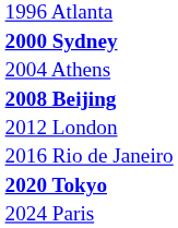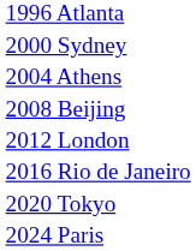 <table>
 <tr>
 <td><a href='#'>1996 Atlanta</a><br></td>
 <td></td>
 <td></td>
 <td></td>
 </tr>
 <tr>
-<td><strong><a href='#'>2000 Sydney</a><br></strong></td>
+<td><a href='#'>2000 Sydney</a><br></td>
 <td></td>
 <td></td>
 <td></td>
 </tr>
 <tr>
 <td><a href='#'>2004 Athens</a><br></td>
 <td></td>
 <td></td>
 <td></td>
 </tr>
 <tr>
-<td><strong><a href='#'>2008 Beijing</a><br></strong></td>
+<td><a href='#'>2008 Beijing</a><br></td>
 <td></td>
 <td></td>
 <td></td>
 </tr>
 <tr>
 <td><a href='#'>2012 London</a><br></td>
 <td></td>
 <td></td>
 <td></td>
 </tr>
 <tr>
 <td><a href='#'>2016 Rio de Janeiro</a><br></td>
 <td></td>
 <td></td>
 <td></td>
 </tr>
 <tr>
-<td><strong><a href='#'>2020 Tokyo</a><br></strong></td>
+<td><a href='#'>2020 Tokyo</a><br></td>
 <td></td>
 <td></td>
 <td></td>
 </tr>
 <tr>
 <td><a href='#'>2024 Paris</a><br></td>
 <td></td>
 <td></td>
 <td></td>
 </tr>
 <tr>
 </tr>
 </table>
